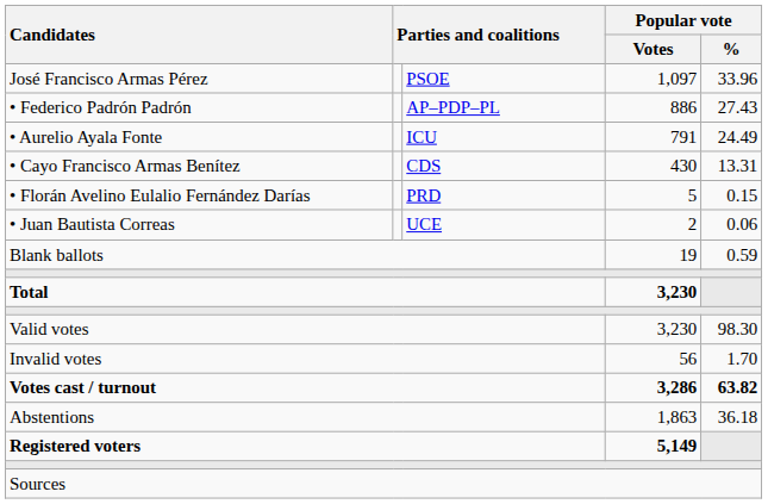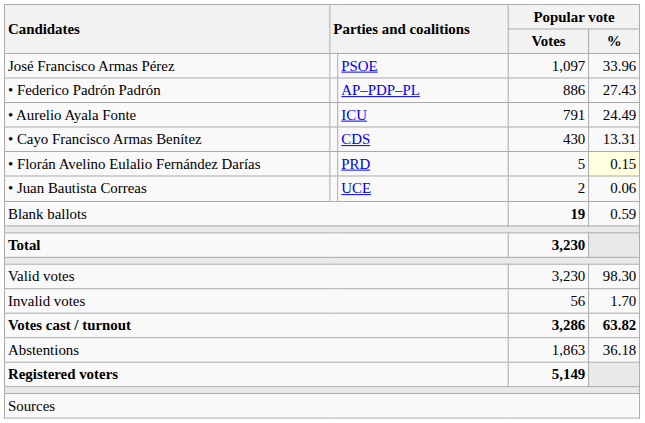 <table class="wikitable" style="text-align:right; font-size:95%;">
 <tr>
 <th style="text-align:left;" rowspan="2" width="325">Candidates</th>
 <th style="text-align:left;" rowspan="2" colspan="2" width="175">Parties and coalitions</th>
 <th colspan="2">Popular vote</th>
 </tr>
 <tr>
 <th width="75">Votes</th>
 <th width="45">%</th>
 </tr>
 <tr>
 <td align="left"> José Francisco Armas Pérez</td>
 <td width="1" style="color:inherit;background:"></td>
 <td align="left"><a href='#'>PSOE</a></td>
 <td>1,097</td>
 <td>33.96</td>
 </tr>
 <tr>
 <td align="left">• Federico Padrón Padrón</td>
 <td style="color:inherit;background:"></td>
 <td align="left"><a href='#'>AP–PDP–PL</a></td>
 <td>886</td>
 <td>27.43</td>
 </tr>
 <tr>
 <td align="left">• Aurelio Ayala Fonte</td>
 <td style="color:inherit;background:"></td>
 <td align="left"><a href='#'>ICU</a></td>
 <td>791</td>
 <td>24.49</td>
 </tr>
 <tr>
 <td align="left">• Cayo Francisco Armas Benítez</td>
 <td style="color:inherit;background:"></td>
 <td align="left"><a href='#'>CDS</a></td>
 <td>430</td>
 <td>13.31</td>
 </tr>
 <tr>
 <td align="left">• Florán Avelino Eulalio Fernández Darías</td>
 <td style="color:inherit;background:"></td>
 <td align="left"><a href='#'>PRD</a></td>
 <td>5</td>
-<td>0.15</td>
+<td style="background: lightyellow;">0.15</td>
 </tr>
 <tr>
 <td align="left">• Juan Bautista Correas</td>
 <td style="color:inherit;background:"></td>
 <td align="left"><a href='#'>UCE</a></td>
 <td>2</td>
 <td>0.06</td>
 </tr>
 <tr>
 <td align="left" colspan="3">Blank ballots</td>
-<td>19</td>
+<td><strong>19</strong></td>
 <td>0.59</td>
 </tr>
 <tr>
 <td colspan="5" bgcolor="#E9E9E9"></td>
 </tr>
 <tr style="font-weight:bold;">
 <td align="left" colspan="3">Total</td>
 <td>3,230</td>
 <td bgcolor="#E9E9E9"></td>
 </tr>
 <tr>
 <td colspan="5" bgcolor="#E9E9E9"></td>
 </tr>
 <tr>
 <td align="left" colspan="3">Valid votes</td>
 <td>3,230</td>
 <td>98.30</td>
 </tr>
 <tr>
 <td align="left" colspan="3">Invalid votes</td>
 <td>56</td>
 <td>1.70</td>
 </tr>
 <tr style="font-weight:bold;">
 <td align="left" colspan="3">Votes cast / turnout</td>
 <td>3,286</td>
 <td>63.82</td>
 </tr>
 <tr>
 <td align="left" colspan="3">Abstentions</td>
 <td>1,863</td>
 <td>36.18</td>
 </tr>
 <tr style="font-weight:bold;">
 <td align="left" colspan="3">Registered voters</td>
 <td>5,149</td>
 <td bgcolor="#E9E9E9"></td>
 </tr>
 <tr>
 <td colspan="5" bgcolor="#E9E9E9"></td>
 </tr>
 <tr>
 <td align="left" colspan="5">Sources</td>
 </tr>
 </table>
